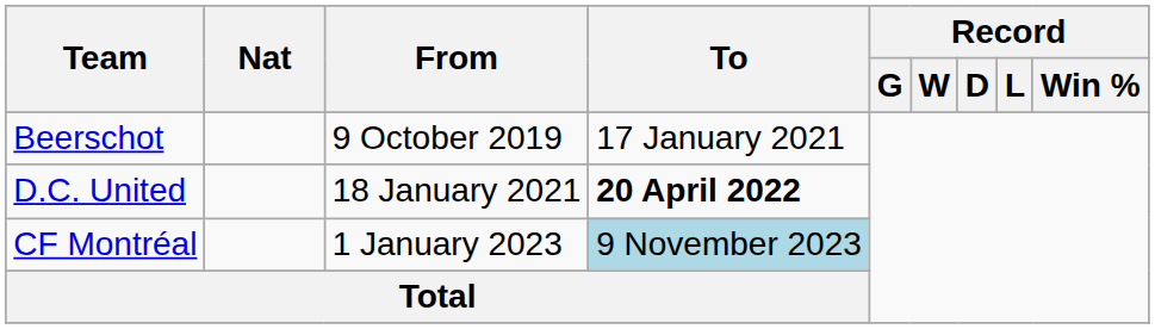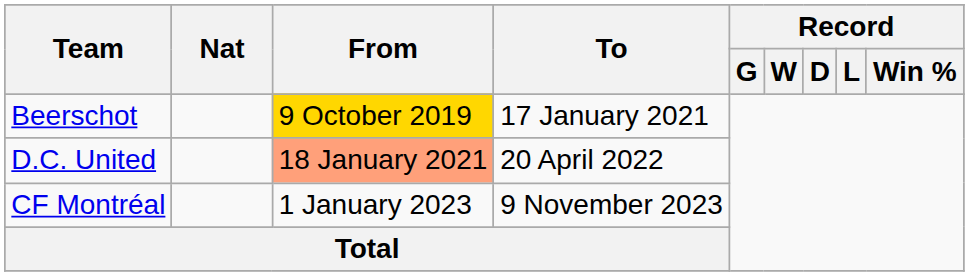 <table class="wikitable" style="text-align: center">
 <tr>
 <th rowspan="2">Team</th>
 <th rowspan="2" style="width:50px;">Nat</th>
 <th rowspan="2">From</th>
 <th rowspan="2">To</th>
 <th colspan="6">Record</th>
 </tr>
 <tr>
 <th>G</th>
 <th>W</th>
 <th>D</th>
 <th>L</th>
 <th>Win %</th>
 </tr>
 <tr>
 <td align="left"><a href='#'>Beerschot</a></td>
 <td></td>
-<td align="left">9 October 2019</td>
+<td align="left" style="background: gold;">9 October 2019</td>
 <td align=left>17 January 2021<br></td>
 </tr>
 <tr>
 <td align="left"><a href='#'>D.C. United</a></td>
 <td></td>
-<td align="left">18 January 2021</td>
-<td align=left><strong>20 April 2022<br></strong></td>
+<td align="left" style="background: lightsalmon;">18 January 2021</td>
+<td align=left>20 April 2022<br></td>
 </tr>
 <tr>
 <td align="left"><a href='#'>CF Montréal</a></td>
 <td></td>
 <td align="left">1 January 2023</td>
-<td align=left style="background: lightblue;">9 November 2023<br></td>
+<td align=left>9 November 2023<br></td>
 </tr>
 <tr>
 <th colspan=4>Total<br></th>
 </tr>
 </table>
